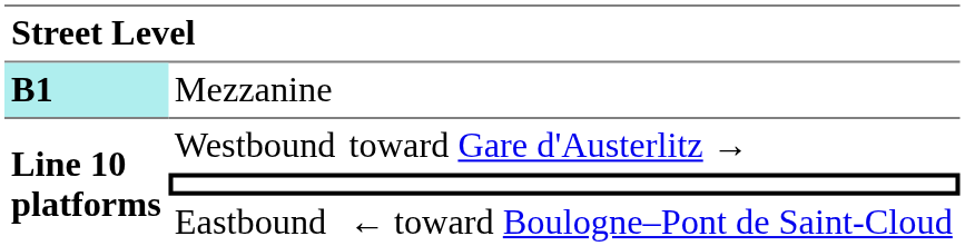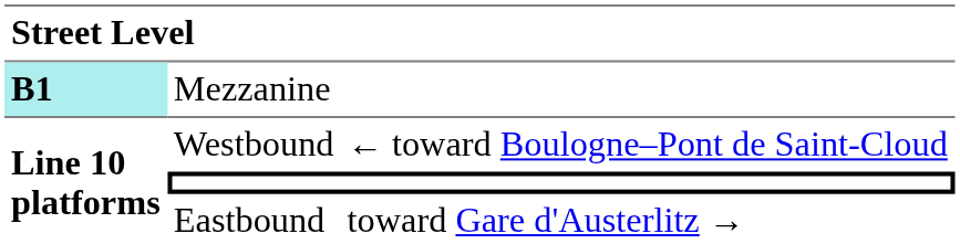 <table cellspacing="0" cellpadding="3" border="0">
 <tr>
 <td colspan="3" style="border-bottom:solid 1px gray;border-top:solid 1px gray;" width="50" valign="top"><strong>Street Level</strong></td>
 </tr>
 <tr>
 <td style="background: paleturquoise; border-bottom:solid 1px gray;" width="50" valign="top"><strong>B1</strong></td>
 <td colspan="2" style="border-bottom:solid 1px gray;" width="100" valign="top">Mezzanine</td>
 </tr>
 <tr>
 <td rowspan="3"><strong>Line 10 platforms</strong></td>
 <td>Westbound</td>
-<td>   toward <a href='#'>Gare d'Austerlitz</a>  →<br></td>
+<td>←   toward <a href='#'>Boulogne–Pont de Saint-Cloud</a> </td>
 </tr>
 <tr>
 <td style="border-top:solid 2px black;border-right:solid 2px black;border-left:solid 2px black;border-bottom:solid 2px black;text-align:center;" colspan=2></td>
 </tr>
 <tr>
 <td>Eastbound</td>
-<td>←   toward <a href='#'>Boulogne–Pont de Saint-Cloud</a> </td>
+<td>   toward <a href='#'>Gare d'Austerlitz</a>  →<br></td>
 </tr>
 </table>
